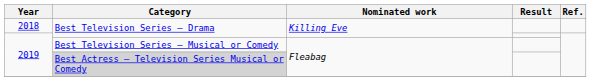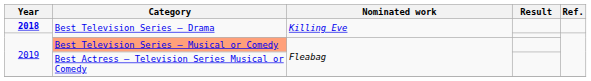 <table class=wikitable>
 <tr>
 <th scope="col" style="width:5em;">Year</th>
 <th scope="col" style="width:26em;">Category</th>
 <th scope="col" style="width:25em;">Nominated work</th>
 <th scope="col" style="width:5em;">Result</th>
 <th>Ref.</th>
 </tr>
 <tr>
-<td style="text-align:center;"><a href='#'>2018</a></td>
+<td style="text-align:center;"><strong><a href='#'>2018</a></strong></td>
 <td rowspan=2><a href='#'>Best Television Series – Drama</a></td>
 <td rowspan=2><em><a href='#'>Killing Eve</a></em></td>
 <td></td>
 <td></td>
 </tr>
 <tr>
 <td style="text-align:center;", rowspan="3"><a href='#'>2019</a></td>
 <td></td>
 <td rowspan="3"></td>
 </tr>
 <tr>
-<td><a href='#'>Best Television Series – Musical or Comedy</a></td>
+<td style="background: lightsalmon;"><a href='#'>Best Television Series – Musical or Comedy</a></td>
 <td rowspan=2><em>Fleabag</em></td>
 <td></td>
 </tr>
 <tr>
-<td style="background: lightgrey;"><a href='#'>Best Actress – Television Series Musical or Comedy</a></td>
+<td><a href='#'>Best Actress – Television Series Musical or Comedy</a></td>
 <td></td>
 </tr>
 <tr>
 </tr>
 </table>
